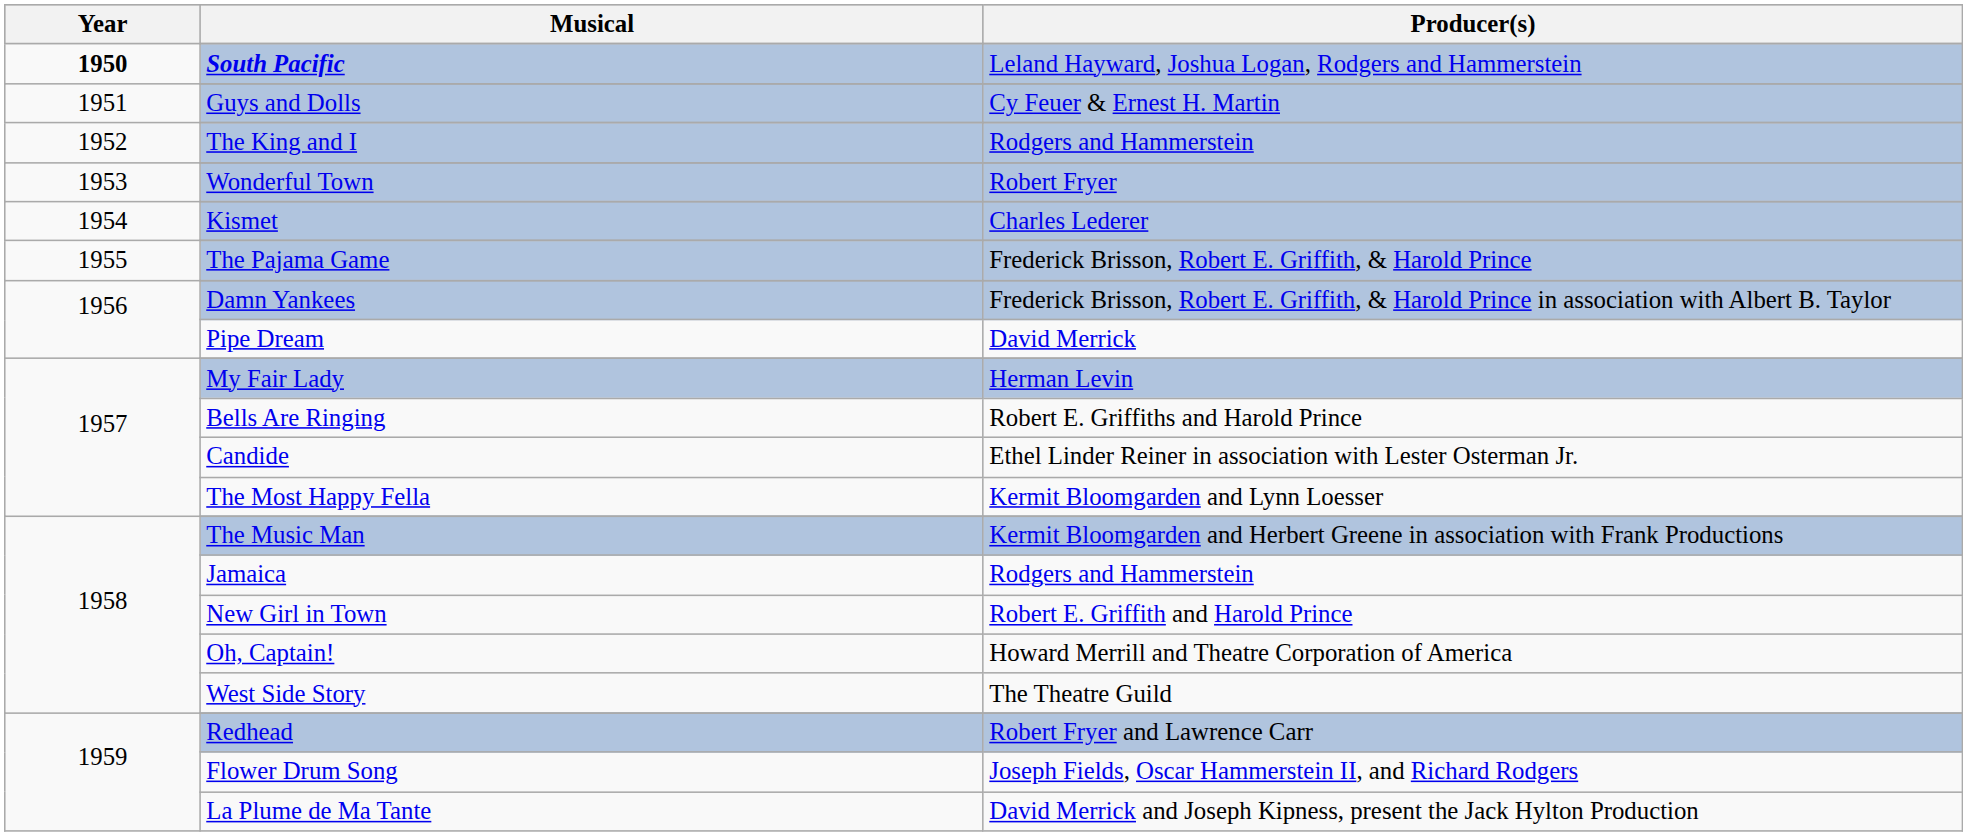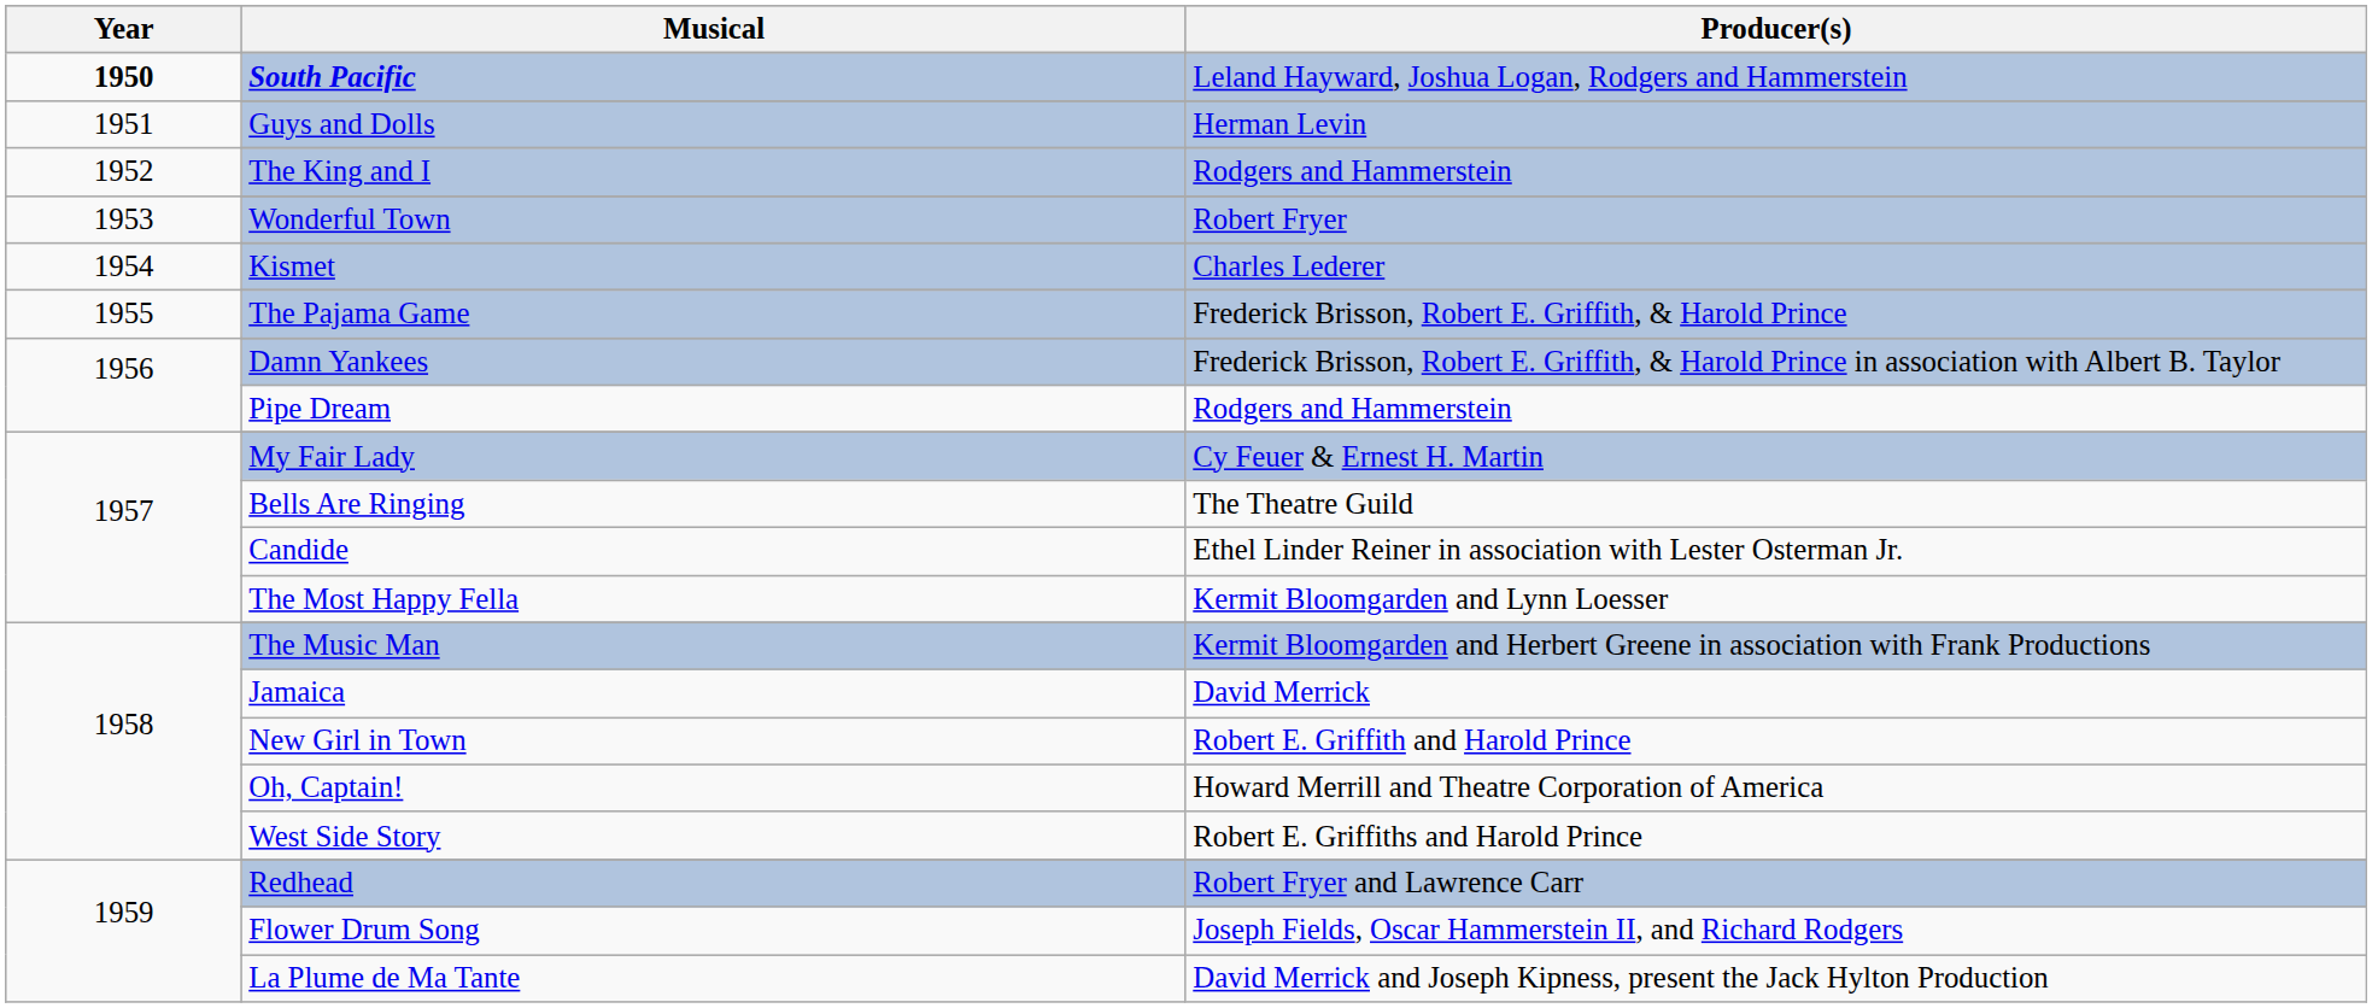 <table class="wikitable" style="width:100%;">
 <tr style="background:#bebebe;">
 <th style="width:10%;">Year</th>
 <th style="width:40%;">Musical</th>
 <th style="width:50%;">Producer(s)</th>
 </tr>
 <tr>
 <td rowspan="2" align="center"><strong>1950</strong><br></td>
 </tr>
 <tr style="background:#B0C4DE">
 <td><strong><em><a href='#'>South Pacific</a><em> <strong> <br></strong><strong></td>
 <td></strong><a href='#'>Leland Hayward</a>, <a href='#'>Joshua Logan</a>, <a href='#'>Rodgers and Hammerstein</a><strong></td>
 </tr>
 <tr>
 <td rowspan="2" align="center"></strong>1951<strong><br></td>
 </tr>
 <tr style="background:#B0C4DE">
 <td></em></strong><a href='#'>Guys and Dolls</a><strong><em><br></strong><strong></td>
-<td></strong><a href='#'>Cy Feuer</a> & <a href='#'>Ernest H. Martin</a><strong></td>
+<td></strong><a href='#'>Herman Levin</a><strong></td>
 </tr>
 <tr>
 <td rowspan="2" align="center"></strong>1952<strong><br></td>
 </tr>
 <tr style="background:#B0C4DE">
 <td></em></strong><a href='#'>The King and I</a><strong><em><br></strong><strong></td>
 <td></strong><a href='#'>Rodgers and Hammerstein</a><strong></td>
 </tr>
 <tr>
 <td rowspan="2" align="center"></strong>1953<strong><br></td>
 </tr>
 <tr style="background:#B0C4DE">
 <td></em></strong><a href='#'>Wonderful Town</a><strong><em><br></strong><strong></td>
 <td></strong><a href='#'>Robert Fryer</a><strong></td>
 </tr>
 <tr>
 <td rowspan="2" align="center"></strong>1954<strong><br></td>
 </tr>
 <tr style="background:#B0C4DE">
 <td></em><a href='#'></strong>Kismet<strong></a><em><br></strong><strong></td>
 <td></strong><a href='#'>Charles Lederer</a><strong></td>
 </tr>
 <tr>
 <td rowspan="2" align="center"></strong>1955<strong><br></td>
 </tr>
 <tr style="background:#B0C4DE">
 <td></em></strong><a href='#'>The Pajama Game</a><strong><em><br></strong><strong></td>
 <td></strong>Frederick Brisson, <a href='#'>Robert E. Griffith</a>, & <a href='#'>Harold Prince</a><strong></td>
 </tr>
 <tr>
 <td rowspan="3" align="center"></strong>1956<strong><br><br></td>
 </tr>
 <tr style="background:#B0C4DE">
 <td></em></strong><a href='#'>Damn Yankees</a><strong><em><br></strong><strong></td>
 <td></strong>Frederick Brisson, <a href='#'>Robert E. Griffith</a>, & <a href='#'>Harold Prince</a> in association with Albert B. Taylor<strong></td>
 </tr>
 <tr>
 <td></em><a href='#'>Pipe Dream</a><em><br></td>
-<td><a href='#'>David Merrick</a></td>
+<td><a href='#'>Rodgers and Hammerstein</a></td>
 </tr>
 <tr>
 <td rowspan="5" align="center"></strong>1957<strong><br><br></td>
 </tr>
 <tr style="background:#B0C4DE">
 <td></em></strong><a href='#'>My Fair Lady</a><strong><em><br></strong><strong></td>
-<td></strong><a href='#'>Herman Levin</a><strong></td>
+<td></strong><a href='#'>Cy Feuer</a> & <a href='#'>Ernest H. Martin</a><strong></td>
 </tr>
 <tr>
 <td></em><a href='#'>Bells Are Ringing</a><em><br></td>
-<td>Robert E. Griffiths and Harold Prince</td>
+<td>The Theatre Guild</td>
 </tr>
 <tr>
 <td></em><a href='#'>Candide</a><em><br></td>
 <td>Ethel Linder Reiner in association with Lester Osterman Jr.</td>
 </tr>
 <tr>
 <td></em><a href='#'>The Most Happy Fella</a><em><br></td>
 <td><a href='#'>Kermit Bloomgarden</a> and Lynn Loesser</td>
 </tr>
 <tr>
 <td rowspan="6" align="center"></strong>1958<strong><br><br></td>
 </tr>
 <tr style="background:#B0C4DE">
 <td></em></strong><a href='#'>The Music Man</a><strong><em><br></strong><strong></td>
 <td></strong><a href='#'>Kermit Bloomgarden</a> and Herbert Greene in association with Frank Productions<strong></td>
 </tr>
 <tr>
 <td></em><a href='#'>Jamaica</a><em><br></td>
-<td><a href='#'>Rodgers and Hammerstein</a></td>
+<td><a href='#'>David Merrick</a></td>
 </tr>
 <tr>
 <td></em><a href='#'>New Girl in Town</a><em><br></td>
 <td><a href='#'>Robert E. Griffith</a> and <a href='#'>Harold Prince</a></td>
 </tr>
 <tr>
 <td></em><a href='#'>Oh, Captain!</a><em><br></td>
 <td>Howard Merrill and Theatre Corporation of America</td>
 </tr>
 <tr>
 <td></em><a href='#'>West Side Story</a><em><br></td>
-<td>The Theatre Guild</td>
+<td>Robert E. Griffiths and Harold Prince</td>
 </tr>
 <tr>
 <td rowspan="4" align="center"></strong>1959<strong><br><br></td>
 </tr>
 <tr style="background:#B0C4DE">
 <td></em><a href='#'></strong>Redhead<strong></a><em><br></strong><strong></td>
 <td></strong><a href='#'>Robert Fryer</a> and Lawrence Carr<strong></td>
 </tr>
 <tr>
 <td></em><a href='#'>Flower Drum Song</a><em><br></td>
 <td><a href='#'>Joseph Fields</a>, <a href='#'>Oscar Hammerstein II</a>, and <a href='#'>Richard Rodgers</a></td>
 </tr>
 <tr>
 <td></em><a href='#'>La Plume de Ma Tante</a><em><br></td>
 <td><a href='#'>David Merrick</a> and Joseph Kipness, present the Jack Hylton Production</td>
 </tr>
 </table>
